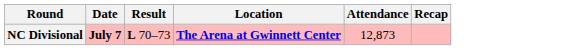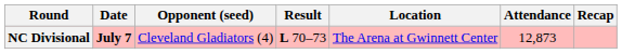 <table class="wikitable" style="text-align:center">
 <tr>
 <th>Round</th>
 <th>Date</th>
+<th>Opponent (seed)</th>
 <th>Result</th>
 <th>Location</th>
 <th>Attendance</th>
 <th>Recap</th>
 </tr>
 <tr bgcolor="ffbbbb">
 <th>NC Divisional</th>
 <td><strong>July 7</strong></td>
+<td><a href='#'>Cleveland Gladiators</a> (4)</td>
 <td><strong>L</strong> 70–73</td>
-<td><strong><a href='#'>The Arena at Gwinnett Center</a></strong></td>
+<td><a href='#'>The Arena at Gwinnett Center</a></td>
 <td>12,873</td>
 <td></td>
 </tr>
 </table>
